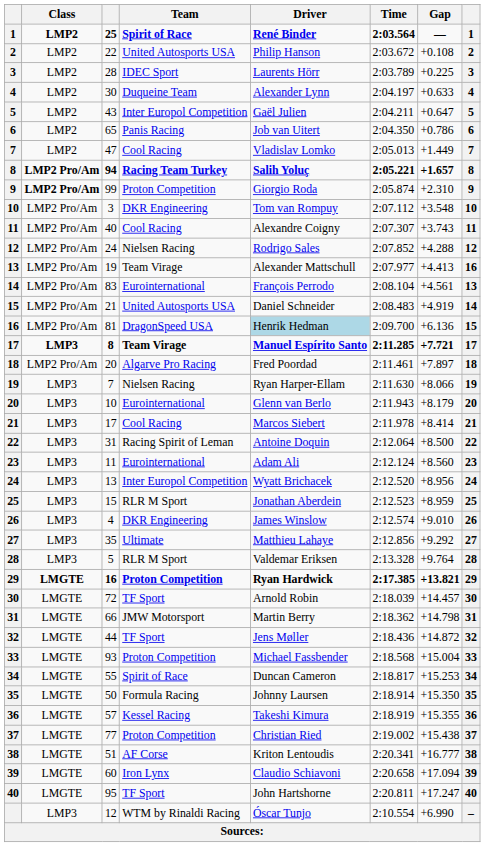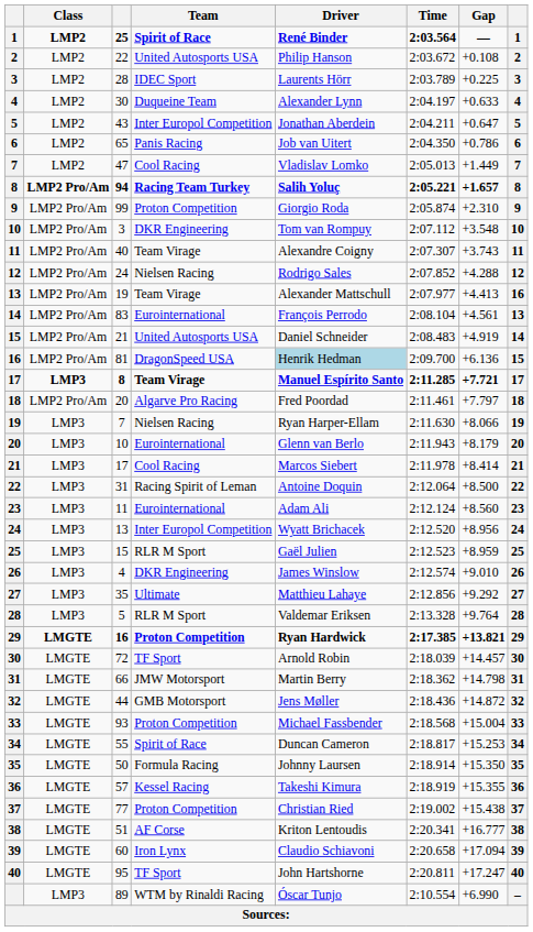 <table class="wikitable sortable" style="font-size: 90%;">
 <tr>
 <th></th>
 <th class="unsortable">Class</th>
 <th class="unsortable"></th>
 <th class="unsortable">Team</th>
 <th class="unsortable">Driver</th>
 <th class="unsortable">Time</th>
 <th class="unsortable">Gap</th>
 <th></th>
 </tr>
 <tr style="font-weight: bold;">
 <th>1</th>
 <td align="center">LMP2</td>
 <td align="center">25</td>
 <td> <a href='#'>Spirit of Race</a></td>
 <td> <a href='#'>René Binder</a></td>
 <td>2:03.564</td>
 <td align="center">—</td>
 <th>1</th>
 </tr>
 <tr>
 <th>2</th>
 <td align="center">LMP2</td>
 <td align="center">22</td>
 <td> <a href='#'>United Autosports USA</a></td>
 <td> <a href='#'>Philip Hanson</a></td>
 <td>2:03.672</td>
 <td>+0.108</td>
 <th>2</th>
 </tr>
 <tr>
 <th>3</th>
 <td align="center">LMP2</td>
 <td align="center">28</td>
 <td> <a href='#'>IDEC Sport</a></td>
 <td> <a href='#'>Laurents Hörr</a></td>
 <td>2:03.789</td>
 <td>+0.225</td>
 <th>3</th>
 </tr>
 <tr>
 <th>4</th>
 <td align="center">LMP2</td>
 <td align="center">30</td>
 <td> <a href='#'>Duqueine Team</a></td>
 <td> <a href='#'>Alexander Lynn</a></td>
 <td>2:04.197</td>
 <td>+0.633</td>
 <th>4</th>
 </tr>
 <tr>
 <th>5</th>
 <td align="center">LMP2</td>
 <td align="center">43</td>
 <td> <a href='#'>Inter Europol Competition</a></td>
-<td> <a href='#'>Gaël Julien</a></td>
+<td> <a href='#'>Jonathan Aberdein</a></td>
 <td>2:04.211</td>
 <td>+0.647</td>
 <th>5</th>
 </tr>
 <tr>
 <th>6</th>
 <td align="center">LMP2</td>
 <td align="center">65</td>
 <td> <a href='#'>Panis Racing</a></td>
 <td> <a href='#'>Job van Uitert</a></td>
 <td>2:04.350</td>
 <td>+0.786</td>
 <th>6</th>
 </tr>
 <tr>
 <th>7</th>
 <td align="center">LMP2</td>
 <td align="center">47</td>
 <td> <a href='#'>Cool Racing</a></td>
 <td> <a href='#'>Vladislav Lomko</a></td>
 <td>2:05.013</td>
 <td>+1.449</td>
 <th>7</th>
 </tr>
 <tr style="font-weight: bold;">
 <th>8</th>
 <td align="center">LMP2 Pro/Am</td>
 <td align="center">94</td>
 <td> <a href='#'>Racing Team Turkey</a></td>
 <td> <a href='#'>Salih Yoluç</a></td>
 <td>2:05.221</td>
 <td>+1.657</td>
 <th>8</th>
 </tr>
 <tr>
 <th>9</th>
-<td align="center"><strong>LMP2 Pro/Am</strong></td>
+<td align="center">LMP2 Pro/Am</td>
 <td align="center">99</td>
 <td> <a href='#'>Proton Competition</a></td>
 <td> <a href='#'>Giorgio Roda</a></td>
 <td>2:05.874</td>
 <td>+2.310</td>
 <th>9</th>
 </tr>
 <tr>
 <th>10</th>
 <td align="center">LMP2 Pro/Am</td>
 <td align="center">3</td>
 <td> <a href='#'>DKR Engineering</a></td>
 <td> <a href='#'>Tom van Rompuy</a></td>
 <td>2:07.112</td>
 <td>+3.548</td>
 <th>10</th>
 </tr>
 <tr>
 <th>11</th>
 <td align="center">LMP2 Pro/Am</td>
 <td align="center">40</td>
-<td> <a href='#'>Cool Racing</a></td>
+<td> Team Virage</td>
 <td> Alexandre Coigny</td>
 <td>2:07.307</td>
 <td>+3.743</td>
 <th>11</th>
 </tr>
 <tr>
 <th>12</th>
 <td align="center">LMP2 Pro/Am</td>
 <td align="center">24</td>
 <td> Nielsen Racing</td>
 <td> <a href='#'>Rodrigo Sales</a></td>
 <td>2:07.852</td>
 <td>+4.288</td>
 <th>12</th>
 </tr>
 <tr>
 <th>13</th>
 <td align="center">LMP2 Pro/Am</td>
 <td align="center">19</td>
 <td> Team Virage</td>
 <td> Alexander Mattschull</td>
 <td>2:07.977</td>
 <td>+4.413</td>
 <th>16</th>
 </tr>
 <tr>
 <th>14</th>
 <td align="center">LMP2 Pro/Am</td>
 <td align="center">83</td>
 <td> <a href='#'>Eurointernational</a></td>
 <td> <a href='#'>François Perrodo</a></td>
 <td>2:08.104</td>
 <td>+4.561</td>
 <th>13</th>
 </tr>
 <tr>
 <th>15</th>
 <td align="center">LMP2 Pro/Am</td>
 <td align="center">21</td>
 <td> <a href='#'>United Autosports USA</a></td>
 <td> Daniel Schneider</td>
 <td>2:08.483</td>
 <td>+4.919</td>
 <th>14</th>
 </tr>
 <tr>
 <th>16</th>
 <td align="center">LMP2 Pro/Am</td>
 <td align="center">81</td>
 <td> <a href='#'>DragonSpeed USA</a></td>
 <td style="background: lightblue;"> Henrik Hedman</td>
 <td>2:09.700</td>
 <td>+6.136</td>
 <th>15</th>
 </tr>
 <tr style="font-weight: bold;">
 <th>17</th>
 <td align="center">LMP3</td>
 <td align="center">8</td>
 <td> Team Virage</td>
 <td> <a href='#'>Manuel Espírito Santo</a></td>
 <td>2:11.285</td>
 <td>+7.721</td>
 <th>17</th>
 </tr>
 <tr>
 <th>18</th>
 <td align="center">LMP2 Pro/Am</td>
 <td align="center">20</td>
 <td> <a href='#'>Algarve Pro Racing</a></td>
 <td> Fred Poordad</td>
 <td>2:11.461</td>
-<td>+7.897</td>
+<td>+7.797</td>
 <th>18</th>
 </tr>
 <tr>
 <th>19</th>
 <td align="center">LMP3</td>
 <td align="center">7</td>
 <td> Nielsen Racing</td>
 <td> Ryan Harper-Ellam</td>
 <td>2:11.630</td>
 <td>+8.066</td>
 <th>19</th>
 </tr>
 <tr>
 <th>20</th>
 <td align="center">LMP3</td>
 <td align="center">10</td>
 <td> <a href='#'>Eurointernational</a></td>
 <td> <a href='#'>Glenn van Berlo</a></td>
 <td>2:11.943</td>
 <td>+8.179</td>
 <th>20</th>
 </tr>
 <tr>
 <th>21</th>
 <td align="center">LMP3</td>
 <td align="center">17</td>
 <td> <a href='#'>Cool Racing</a></td>
 <td> <a href='#'>Marcos Siebert</a></td>
 <td>2:11.978</td>
 <td>+8.414</td>
 <th>21</th>
 </tr>
 <tr>
 <th>22</th>
 <td align="center">LMP3</td>
 <td align="center">31</td>
 <td> Racing Spirit of Leman</td>
 <td> <a href='#'>Antoine Doquin</a></td>
 <td>2:12.064</td>
 <td>+8.500</td>
 <th>22</th>
 </tr>
 <tr>
 <th>23</th>
 <td align="center">LMP3</td>
 <td align="center">11</td>
 <td> <a href='#'>Eurointernational</a></td>
 <td> <a href='#'>Adam Ali</a></td>
 <td>2:12.124</td>
 <td>+8.560</td>
 <th>23</th>
 </tr>
 <tr>
 <th>24</th>
 <td align="center">LMP3</td>
 <td align="center">13</td>
 <td> <a href='#'>Inter Europol Competition</a></td>
 <td> <a href='#'>Wyatt Brichacek</a></td>
 <td>2:12.520</td>
 <td>+8.956</td>
 <th>24</th>
 </tr>
 <tr>
 <th>25</th>
 <td align="center">LMP3</td>
 <td align="center">15</td>
 <td> RLR M Sport</td>
-<td> <a href='#'>Jonathan Aberdein</a></td>
+<td> <a href='#'>Gaël Julien</a></td>
 <td>2:12.523</td>
 <td>+8.959</td>
 <th>25</th>
 </tr>
 <tr>
 <th>26</th>
 <td align="center">LMP3</td>
 <td align="center">4</td>
 <td> <a href='#'>DKR Engineering</a></td>
 <td> <a href='#'>James Winslow</a></td>
 <td>2:12.574</td>
 <td>+9.010</td>
 <th>26</th>
 </tr>
 <tr>
 <th>27</th>
 <td align="center">LMP3</td>
 <td align="center">35</td>
 <td> <a href='#'>Ultimate</a></td>
 <td> <a href='#'>Matthieu Lahaye</a></td>
 <td>2:12.856</td>
 <td>+9.292</td>
 <th>27</th>
 </tr>
 <tr>
 <th>28</th>
 <td align="center">LMP3</td>
 <td align="center">5</td>
 <td> RLR M Sport</td>
 <td> Valdemar Eriksen</td>
 <td>2:13.328</td>
 <td>+9.764</td>
 <th>28</th>
 </tr>
 <tr style="font-weight: bold;">
 <th>29</th>
 <td align="center">LMGTE</td>
 <td align="center">16</td>
 <td> <a href='#'>Proton Competition</a></td>
 <td> Ryan Hardwick</td>
 <td>2:17.385</td>
 <td>+13.821</td>
 <th>29</th>
 </tr>
 <tr>
 <th>30</th>
 <td align="center">LMGTE</td>
 <td align="center">72</td>
 <td> <a href='#'>TF Sport</a></td>
 <td> Arnold Robin</td>
 <td>2:18.039</td>
 <td>+14.457</td>
 <th>30</th>
 </tr>
 <tr>
 <th>31</th>
 <td align="center">LMGTE</td>
 <td align="center">66</td>
 <td> JMW Motorsport</td>
 <td> Martin Berry</td>
 <td>2:18.362</td>
 <td>+14.798</td>
 <th>31</th>
 </tr>
 <tr>
 <th>32</th>
 <td align="center">LMGTE</td>
 <td align="center">44</td>
-<td> <a href='#'>TF Sport</a></td>
+<td> GMB Motorsport</td>
 <td> <a href='#'>Jens Møller</a></td>
 <td>2:18.436</td>
 <td>+14.872</td>
 <th>32</th>
 </tr>
 <tr>
 <th>33</th>
 <td align="center">LMGTE</td>
 <td align="center">93</td>
 <td> <a href='#'>Proton Competition</a></td>
 <td> <a href='#'>Michael Fassbender</a></td>
 <td>2:18.568</td>
 <td>+15.004</td>
 <th>33</th>
 </tr>
 <tr>
 <th>34</th>
 <td align="center">LMGTE</td>
 <td align="center">55</td>
 <td> <a href='#'>Spirit of Race</a></td>
 <td> Duncan Cameron</td>
 <td>2:18.817</td>
 <td>+15.253</td>
 <th>34</th>
 </tr>
 <tr>
 <th>35</th>
 <td align="center">LMGTE</td>
 <td align="center">50</td>
 <td> Formula Racing</td>
 <td> Johnny Laursen</td>
 <td>2:18.914</td>
 <td>+15.350</td>
 <th>35</th>
 </tr>
 <tr>
 <th>36</th>
 <td align="center">LMGTE</td>
 <td align="center">57</td>
 <td> <a href='#'>Kessel Racing</a></td>
 <td> <a href='#'>Takeshi Kimura</a></td>
 <td>2:18.919</td>
 <td>+15.355</td>
 <th>36</th>
 </tr>
 <tr>
 <th>37</th>
 <td align="center">LMGTE</td>
 <td align="center">77</td>
 <td> <a href='#'>Proton Competition</a></td>
 <td> <a href='#'>Christian Ried</a></td>
 <td>2:19.002</td>
 <td>+15.438</td>
 <th>37</th>
 </tr>
 <tr>
 <th>38</th>
 <td align="center">LMGTE</td>
 <td align="center">51</td>
 <td> <a href='#'>AF Corse</a></td>
 <td> Kriton Lentoudis</td>
 <td>2:20.341</td>
 <td>+16.777</td>
 <th>38</th>
 </tr>
 <tr>
 <th>39</th>
 <td align="center">LMGTE</td>
 <td align="center">60</td>
 <td> <a href='#'>Iron Lynx</a></td>
 <td> <a href='#'>Claudio Schiavoni</a></td>
 <td>2:20.658</td>
 <td>+17.094</td>
 <th>39</th>
 </tr>
 <tr>
 <th>40</th>
 <td align="center">LMGTE</td>
 <td align="center">95</td>
 <td> <a href='#'>TF Sport</a></td>
 <td> John Hartshorne</td>
 <td>2:20.811</td>
 <td>+17.247</td>
 <th>40</th>
 </tr>
 <tr>
 <th></th>
 <td align="center">LMP3</td>
-<td align="center">12</td>
+<td align="center">89</td>
 <td> WTM by Rinaldi Racing</td>
 <td> <a href='#'>Óscar Tunjo</a></td>
 <td>2:10.554</td>
 <td>+6.990</td>
 <th>–</th>
 </tr>
 <tr>
 <th colspan="8">Sources:</th>
 </tr>
 </table>
